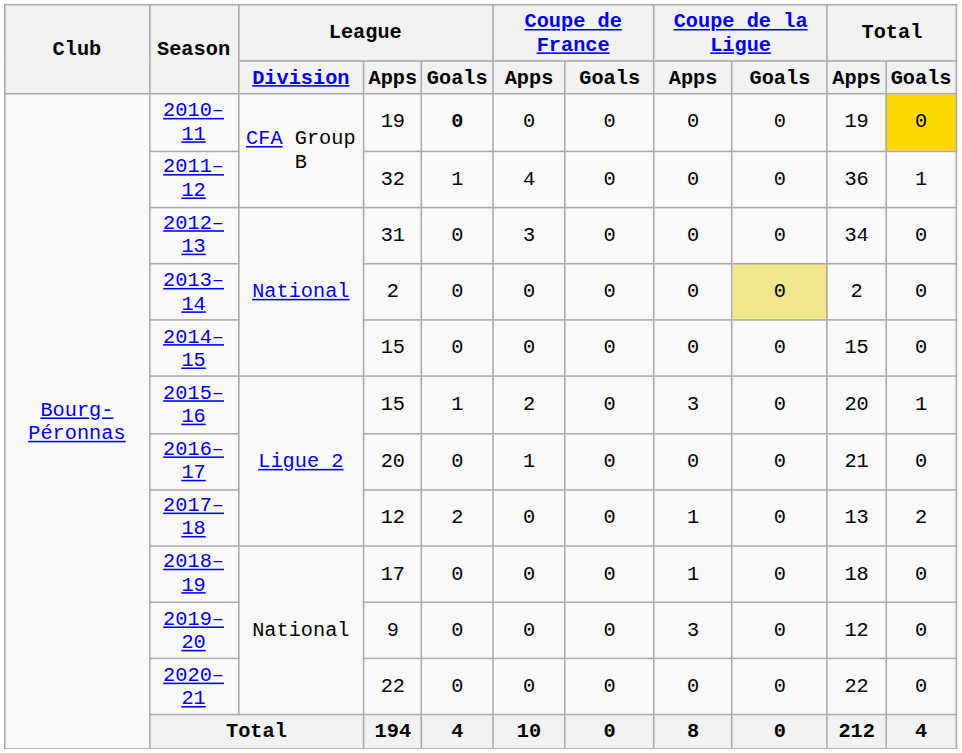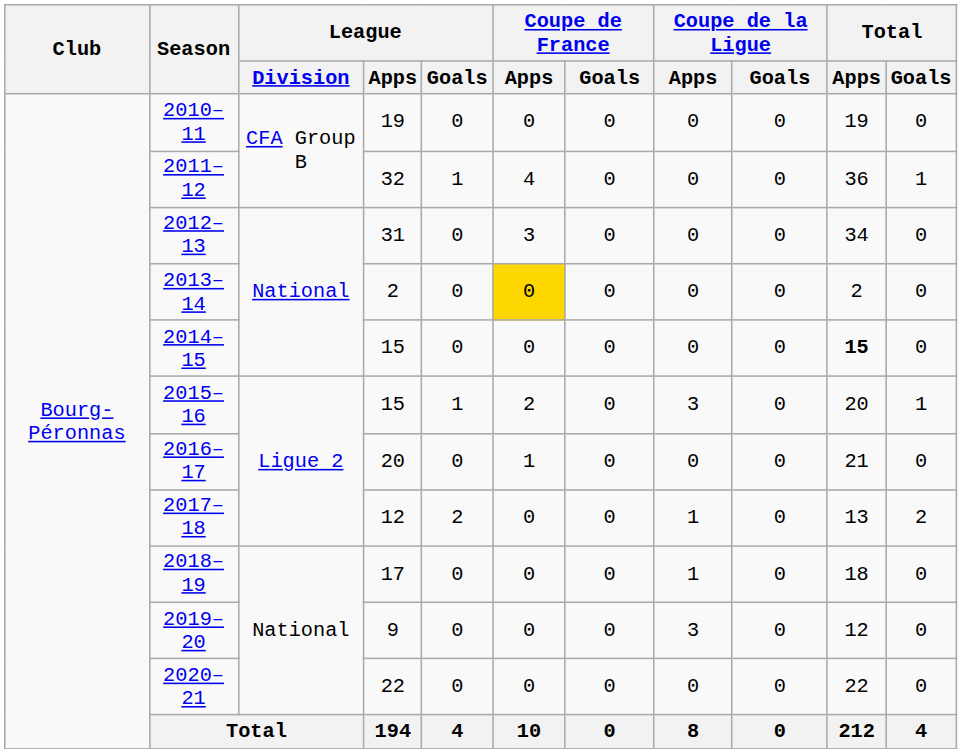 <table class="wikitable" style="text-align:center">
 <tr>
 <th rowspan="2">Club</th>
 <th rowspan="2">Season</th>
 <th colspan="3">League</th>
 <th colspan="2"><a href='#'>Coupe de France</a></th>
 <th colspan="2"><a href='#'>Coupe de la Ligue</a></th>
 <th colspan="2">Total</th>
 </tr>
 <tr>
 <th><a href='#'>Division</a></th>
 <th>Apps</th>
 <th>Goals</th>
 <th>Apps</th>
 <th>Goals</th>
 <th>Apps</th>
 <th>Goals</th>
 <th>Apps</th>
 <th>Goals</th>
 </tr>
 <tr>
 <td rowspan="12"><a href='#'>Bourg-Péronnas</a></td>
 <td><a href='#'>2010–11</a></td>
 <td rowspan="2"><a href='#'>CFA</a> Group B</td>
 <td>19</td>
-<td><strong>0</strong></td>
+<td>0</td>
 <td>0</td>
 <td>0</td>
 <td>0</td>
 <td>0</td>
 <td>19</td>
-<td style="background: gold;">0</td>
+<td>0</td>
 </tr>
 <tr>
 <td><a href='#'>2011–12</a></td>
 <td>32</td>
 <td>1</td>
 <td>4</td>
 <td>0</td>
 <td>0</td>
 <td>0</td>
 <td>36</td>
 <td>1</td>
 </tr>
 <tr>
 <td><a href='#'>2012–13</a></td>
 <td rowspan="3"><a href='#'>National</a></td>
 <td>31</td>
 <td>0</td>
 <td>3</td>
 <td>0</td>
 <td>0</td>
 <td>0</td>
 <td>34</td>
 <td>0</td>
 </tr>
 <tr>
 <td><a href='#'>2013–14</a></td>
 <td>2</td>
 <td>0</td>
+<td style="background: gold;">0</td>
 <td>0</td>
 <td>0</td>
 <td>0</td>
-<td style="background: khaki;">0</td>
 <td>2</td>
 <td>0</td>
 </tr>
 <tr>
 <td><a href='#'>2014–15</a></td>
 <td>15</td>
 <td>0</td>
 <td>0</td>
 <td>0</td>
 <td>0</td>
 <td>0</td>
-<td>15</td>
+<td><strong>15</strong></td>
 <td>0</td>
 </tr>
 <tr>
 <td><a href='#'>2015–16</a></td>
 <td rowspan="3"><a href='#'>Ligue 2</a></td>
 <td>15</td>
 <td>1</td>
 <td>2</td>
 <td>0</td>
 <td>3</td>
 <td>0</td>
 <td>20</td>
 <td>1</td>
 </tr>
 <tr>
 <td><a href='#'>2016–17</a></td>
 <td>20</td>
 <td>0</td>
 <td>1</td>
 <td>0</td>
 <td>0</td>
 <td>0</td>
 <td>21</td>
 <td>0</td>
 </tr>
 <tr>
 <td><a href='#'>2017–18</a></td>
 <td>12</td>
 <td>2</td>
 <td>0</td>
 <td>0</td>
 <td>1</td>
 <td>0</td>
 <td>13</td>
 <td>2</td>
 </tr>
 <tr>
 <td><a href='#'>2018–19</a></td>
 <td rowspan="3">National</td>
 <td>17</td>
 <td>0</td>
 <td>0</td>
 <td>0</td>
 <td>1</td>
 <td>0</td>
 <td>18</td>
 <td>0</td>
 </tr>
 <tr>
 <td><a href='#'>2019–20</a></td>
 <td>9</td>
 <td>0</td>
 <td>0</td>
 <td>0</td>
 <td>3</td>
 <td>0</td>
 <td>12</td>
 <td>0</td>
 </tr>
 <tr>
 <td><a href='#'>2020–21</a></td>
 <td>22</td>
 <td>0</td>
 <td>0</td>
 <td>0</td>
 <td>0</td>
 <td>0</td>
 <td>22</td>
 <td>0</td>
 </tr>
 <tr>
 <th colspan="2">Total</th>
 <th>194</th>
 <th>4</th>
 <th>10</th>
 <th>0</th>
 <th>8</th>
 <th>0</th>
 <th>212</th>
 <th>4</th>
 </tr>
 </table>
